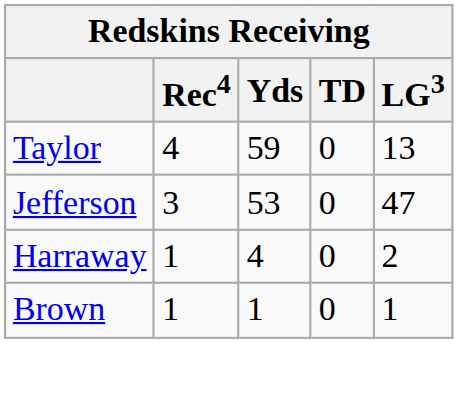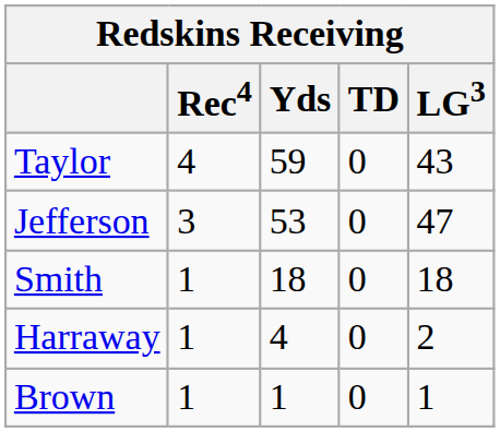 <table class="wikitable">
 <tr>
 <th colspan="5">Redskins Receiving</th>
 </tr>
 <tr>
 <th></th>
 <th>Rec<sup>4</sup></th>
 <th>Yds</th>
 <th>TD</th>
 <th>LG<sup>3</sup></th>
 </tr>
 <tr>
 <td><a href='#'>Taylor</a></td>
 <td>4</td>
 <td>59</td>
 <td>0</td>
-<td>13</td>
+<td>43</td>
 </tr>
 <tr>
 <td><a href='#'>Jefferson</a></td>
 <td>3</td>
 <td>53</td>
 <td>0</td>
 <td>47</td>
+</tr>
+<tr>
+<td><a href='#'>Smith</a></td>
+<td>1</td>
+<td>18</td>
+<td>0</td>
+<td>18</td>
 </tr>
 <tr>
 <td><a href='#'>Harraway</a></td>
 <td>1</td>
 <td>4</td>
 <td>0</td>
 <td>2</td>
 </tr>
 <tr>
 <td><a href='#'>Brown</a></td>
 <td>1</td>
 <td>1</td>
 <td>0</td>
 <td>1</td>
 </tr>
 </table>
